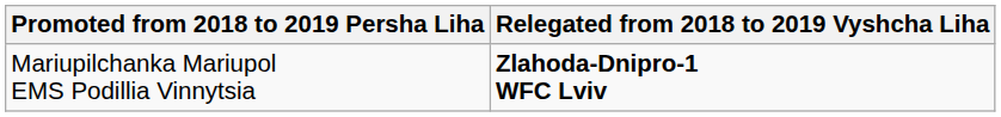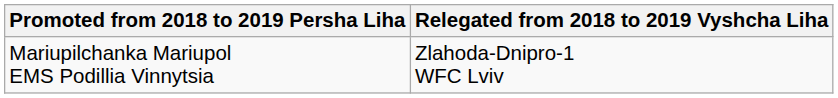 <table class="wikitable">
 <tr>
 <th>Promoted from 2018 to 2019 Persha Liha</th>
 <th>Relegated from 2018 to 2019 Vyshcha Liha</th>
 </tr>
 <tr>
 <td>Mariupilchanka Mariupol<br>EMS Podillia Vinnytsia</td>
-<td><strong>Zlahoda-Dnipro-1 <br>WFC Lviv </strong></td>
+<td>Zlahoda-Dnipro-1 <br>WFC Lviv </td>
 </tr>
 </table>
